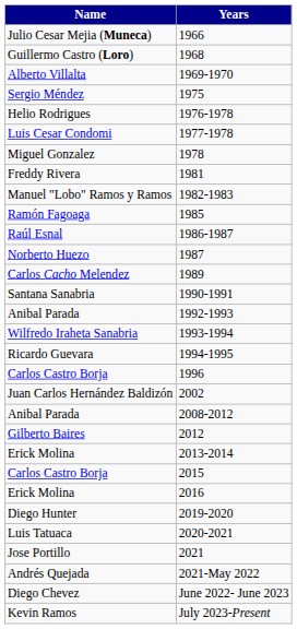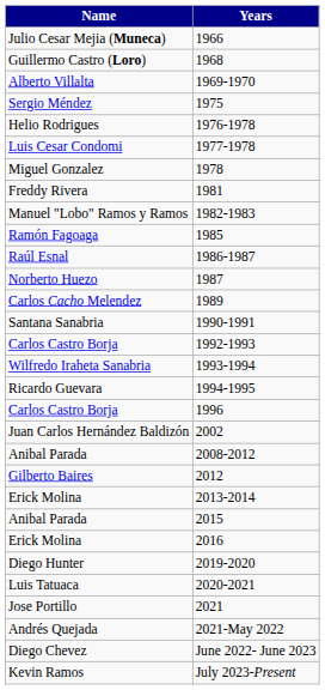 <table class="wikitable">
 <tr>
 <th style="color:#fff; background:#00008B;">Name</th>
 <th style="color:#fff; background:#00008B;">Years</th>
 </tr>
 <tr>
 <td> Julio Cesar Mejia (<strong>Muneca</strong>)</td>
 <td>1966</td>
 </tr>
 <tr>
 <td> Guillermo Castro (<strong>Loro</strong>)</td>
 <td>1968</td>
 </tr>
 <tr>
 <td> <a href='#'>Alberto Villalta</a></td>
 <td>1969-1970</td>
 </tr>
 <tr>
 <td> <a href='#'>Sergio Méndez</a></td>
 <td>1975</td>
 </tr>
 <tr>
 <td> Helio Rodrigues</td>
 <td>1976-1978</td>
 </tr>
 <tr>
 <td> <a href='#'>Luis Cesar Condomi</a></td>
 <td>1977-1978</td>
 </tr>
 <tr>
 <td> Miguel Gonzalez</td>
 <td>1978</td>
 </tr>
 <tr>
 <td> Freddy Rivera</td>
 <td>1981</td>
 </tr>
 <tr>
 <td> Manuel "Lobo" Ramos y Ramos</td>
 <td>1982-1983</td>
 </tr>
 <tr>
 <td> <a href='#'>Ramón Fagoaga</a></td>
 <td>1985</td>
 </tr>
 <tr>
 <td> <a href='#'>Raúl Esnal</a></td>
 <td>1986-1987</td>
 </tr>
 <tr>
 <td> <a href='#'>Norberto Huezo</a></td>
 <td>1987</td>
 </tr>
 <tr>
 <td> <a href='#'>Carlos <em>Cacho</em> Melendez</a></td>
 <td>1989</td>
 </tr>
 <tr>
 <td> Santana Sanabria</td>
 <td>1990-1991</td>
 </tr>
 <tr>
-<td> Anibal Parada</td>
+<td> <a href='#'>Carlos Castro Borja</a></td>
 <td>1992-1993</td>
 </tr>
 <tr>
 <td> <a href='#'>Wilfredo Iraheta Sanabria</a></td>
 <td>1993-1994</td>
 </tr>
 <tr>
 <td> Ricardo Guevara</td>
 <td>1994-1995</td>
 </tr>
 <tr>
 <td> <a href='#'>Carlos Castro Borja</a></td>
 <td>1996</td>
 </tr>
 <tr>
 <td> Juan Carlos Hernández Baldizón</td>
 <td>2002</td>
 </tr>
 <tr>
 <td> Anibal Parada</td>
 <td>2008-2012</td>
 </tr>
 <tr>
 <td> <a href='#'>Gilberto Baires</a></td>
 <td>2012</td>
 </tr>
 <tr>
 <td> Erick Molina</td>
 <td>2013-2014</td>
 </tr>
 <tr>
-<td> <a href='#'>Carlos Castro Borja</a></td>
+<td> Anibal Parada</td>
 <td>2015</td>
 </tr>
 <tr>
 <td> Erick Molina</td>
 <td>2016</td>
 </tr>
 <tr>
 <td> Diego Hunter</td>
 <td>2019-2020</td>
 </tr>
 <tr>
 <td> Luis Tatuaca</td>
 <td>2020-2021</td>
 </tr>
 <tr>
 <td> Jose Portillo</td>
 <td>2021</td>
 </tr>
 <tr>
 <td> Andrés Quejada</td>
 <td>2021-May 2022</td>
 </tr>
 <tr>
 <td> Diego Chevez</td>
 <td>June 2022- June 2023</td>
 </tr>
 <tr>
 <td> Kevin Ramos</td>
 <td>July 2023-<em>Present</em></td>
 </tr>
 </table>
